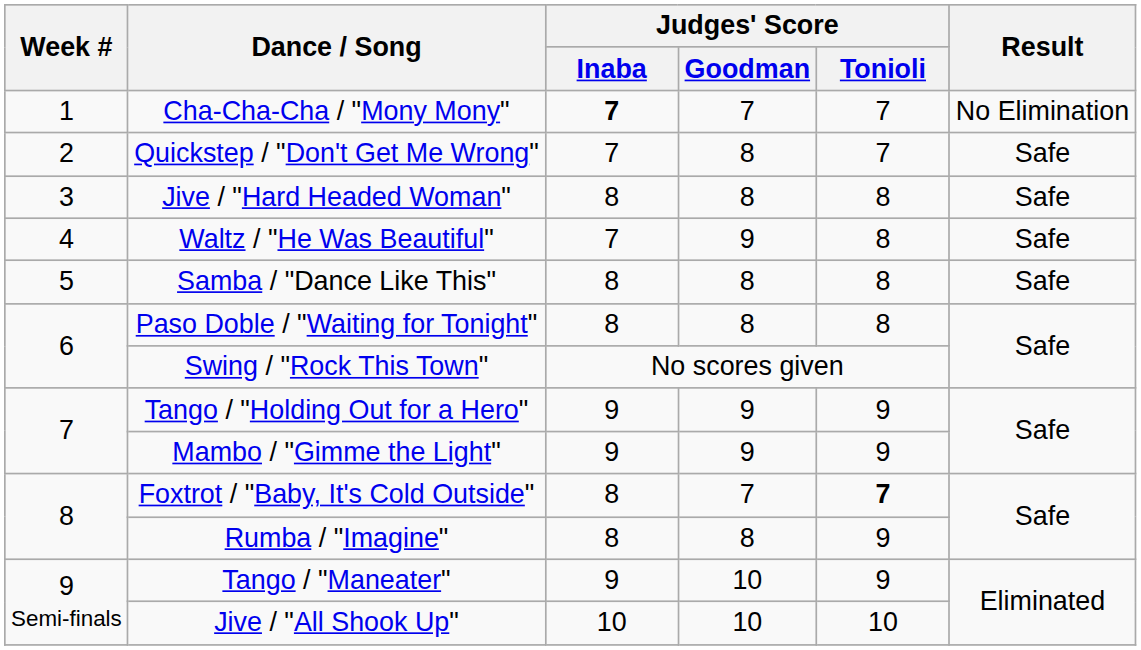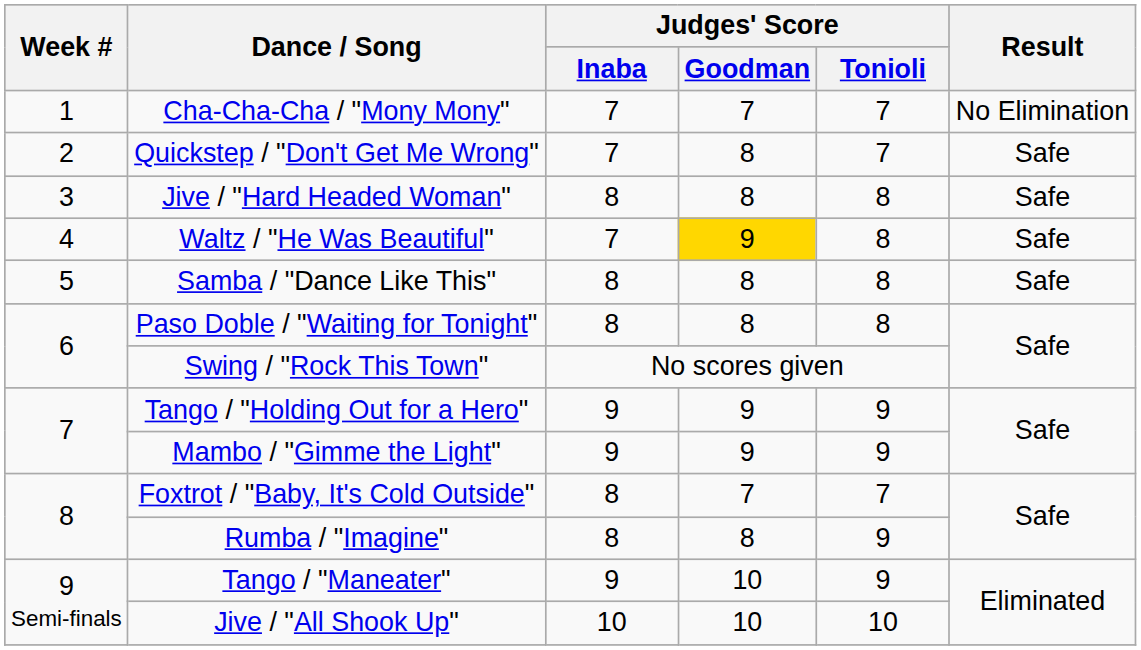 <table class="wikitable" style="text-align: center;">
 <tr>
 <th rowspan="2">Week #</th>
 <th rowspan="2">Dance / Song</th>
 <th colspan="3">Judges' Score</th>
 <th rowspan="2">Result</th>
 </tr>
 <tr>
 <th style="min-width: 4.5em;"><a href='#'>Inaba</a></th>
 <th style="min-width: 4.5em;"><a href='#'>Goodman</a></th>
 <th style="min-width: 4.5em;"><a href='#'>Tonioli</a></th>
 </tr>
 <tr>
 <td>1</td>
 <td><a href='#'>Cha-Cha-Cha</a> / "<a href='#'>Mony Mony</a>"</td>
-<td><strong>7</strong></td>
+<td>7</td>
 <td>7</td>
 <td>7</td>
 <td>No Elimination</td>
 </tr>
 <tr>
 <td>2</td>
 <td><a href='#'>Quickstep</a> / "<a href='#'>Don't Get Me Wrong</a>"</td>
 <td>7</td>
 <td>8</td>
 <td>7</td>
 <td>Safe</td>
 </tr>
 <tr>
 <td>3</td>
 <td><a href='#'>Jive</a> / "<a href='#'>Hard Headed Woman</a>"</td>
 <td>8</td>
 <td>8</td>
 <td>8</td>
 <td>Safe</td>
 </tr>
 <tr>
 <td>4</td>
 <td><a href='#'>Waltz</a> / "<a href='#'>He Was Beautiful</a>"</td>
 <td>7</td>
-<td>9</td>
+<td style="background: gold;">9</td>
 <td>8</td>
 <td>Safe</td>
 </tr>
 <tr>
 <td>5</td>
 <td><a href='#'>Samba</a> / "Dance Like This"</td>
 <td>8</td>
 <td>8</td>
 <td>8</td>
 <td>Safe</td>
 </tr>
 <tr>
 <td rowspan="2">6</td>
 <td><a href='#'>Paso Doble</a> / "<a href='#'>Waiting for Tonight</a>"</td>
 <td>8</td>
 <td>8</td>
 <td>8</td>
 <td rowspan="2">Safe</td>
 </tr>
 <tr>
 <td><a href='#'>Swing</a> / "<a href='#'>Rock This Town</a>"</td>
 <td colspan="3">No scores given</td>
 </tr>
 <tr>
 <td rowspan="2">7</td>
 <td><a href='#'>Tango</a> / "<a href='#'>Holding Out for a Hero</a>"</td>
 <td>9</td>
 <td>9</td>
 <td>9</td>
 <td rowspan="2">Safe</td>
 </tr>
 <tr>
 <td><a href='#'>Mambo</a> / "<a href='#'>Gimme the Light</a>"</td>
 <td>9</td>
 <td>9</td>
 <td>9</td>
 </tr>
 <tr>
 <td rowspan="2">8</td>
 <td><a href='#'>Foxtrot</a> / "<a href='#'>Baby, It's Cold Outside</a>"</td>
 <td>8</td>
 <td>7</td>
-<td><strong>7</strong></td>
+<td>7</td>
 <td rowspan="2">Safe</td>
 </tr>
 <tr>
 <td><a href='#'>Rumba</a> / "<a href='#'>Imagine</a>"</td>
 <td>8</td>
 <td>8</td>
 <td>9</td>
 </tr>
 <tr>
 <td rowspan="2">9<br><small>Semi-finals</small></td>
 <td><a href='#'>Tango</a> / "<a href='#'>Maneater</a>"</td>
 <td>9</td>
 <td>10</td>
 <td>9</td>
 <td rowspan="2">Eliminated</td>
 </tr>
 <tr>
 <td><a href='#'>Jive</a> / "<a href='#'>All Shook Up</a>"</td>
 <td>10</td>
 <td>10</td>
 <td>10</td>
 </tr>
 </table>
